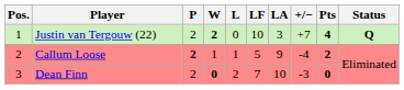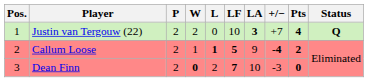 <table class="wikitable" style="text-align:center; margin: 1em auto 1em auto, align:left">
 <tr>
 <th width=20>Pos.</th>
 <th width=185>Player</th>
 <th width=20>P</th>
 <th width=20>W</th>
 <th width=20>L</th>
 <th width=20>LF</th>
 <th width=20>LA</th>
 <th width=25>+/−</th>
 <th width=20>Pts</th>
 <th width=70>Status</th>
 </tr>
 <tr style="background:#D0F0C0;">
 <td>1</td>
 <td align=left> <a href='#'>Justin van Tergouw</a> (22)</td>
 <td>2</td>
-<td><strong>2</strong></td>
+<td>2</td>
 <td>0</td>
 <td>10</td>
-<td>3</td>
+<td><strong>3</strong></td>
 <td>+7</td>
 <td><strong>4</strong></td>
 <td rowspan=1><strong>Q</strong></td>
 </tr>
 <tr style="background:#FF8888;">
 <td>2</td>
 <td align=left> <a href='#'>Callum Loose</a></td>
-<td><strong>2</strong></td>
+<td>2</td>
 <td>1</td>
-<td>1</td>
-<td>5</td>
+<td><strong>1</strong></td>
+<td><strong>5</strong></td>
 <td>9</td>
-<td>-4</td>
+<td><strong>-4</strong></td>
 <td><strong>2</strong></td>
 <td rowspan=2>Eliminated</td>
 </tr>
 <tr style="background:#FF8888;">
 <td>3</td>
 <td align=left> <a href='#'>Dean Finn</a></td>
 <td>2</td>
 <td><strong>0</strong></td>
 <td>2</td>
-<td>7</td>
+<td><strong>7</strong></td>
 <td>10</td>
 <td>-3</td>
 <td><strong>0</strong></td>
 </tr>
 </table>
